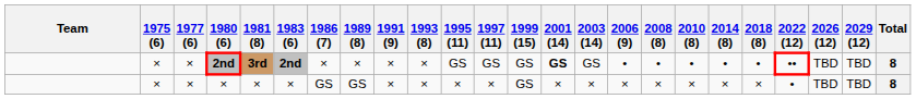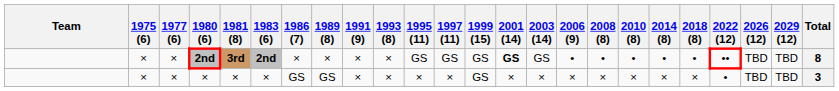 <table class="wikitable" style="text-align:center; font-size:90%">
 <tr>
 <th width=150>Team</th>
 <th><br><a href='#'>1975</a><br>(6)</th>
 <th><br><a href='#'>1977</a><br>(6)</th>
 <th><br><a href='#'>1980</a><br>(6)</th>
 <th><br><a href='#'>1981</a><br>(8)</th>
 <th><br><a href='#'>1983</a><br>(6)</th>
 <th><br><a href='#'>1986</a><br>(7)</th>
 <th><br><a href='#'>1989</a><br>(8)</th>
 <th><br><a href='#'>1991</a><br>(9)</th>
 <th><br><a href='#'>1993</a><br>(8)</th>
 <th><br><a href='#'>1995</a><br>(11)</th>
 <th><br><a href='#'>1997</a><br>(11)</th>
 <th><br><a href='#'>1999</a><br>(15)</th>
 <th><br><a href='#'>2001</a><br>(14)</th>
 <th><br><a href='#'>2003</a><br>(14)</th>
 <th><br><a href='#'>2006</a><br>(9)</th>
 <th><br><a href='#'>2008</a><br>(8)</th>
 <th><br><a href='#'>2010</a><br>(8)</th>
 <th><br><a href='#'>2014</a><br>(8)</th>
 <th><br><a href='#'>2018</a><br>(8)</th>
 <th><br><a href='#'>2022</a><br>(12)</th>
 <th><br><a href='#'>2026</a><br>(12)</th>
 <th><br><a href='#'>2029</a><br>(12)</th>
 <th>Total</th>
 </tr>
 <tr>
 <td align=left></td>
 <td>×</td>
 <td>×</td>
 <td style="border: 3px solid red" bgcolor=Silver><strong>2nd</strong></td>
 <td bgcolor=#cc9966><strong>3rd</strong></td>
 <td bgcolor=Silver><strong>2nd</strong></td>
 <td>×</td>
 <td>×</td>
 <td>×</td>
 <td>×</td>
 <td>GS</td>
 <td>GS</td>
 <td>GS</td>
 <td><strong>GS</strong></td>
 <td>GS</td>
 <td>•</td>
 <td>•</td>
 <td>•</td>
 <td>•</td>
 <td>•</td>
 <td style="border: 3px solid red">••</td>
 <td>TBD</td>
 <td>TBD</td>
 <th>8</th>
 </tr>
 <tr>
 <td align=left></td>
 <td>×</td>
 <td>×</td>
 <td>×</td>
 <td>×</td>
 <td>×</td>
 <td>GS</td>
 <td>GS</td>
 <td>×</td>
 <td>×</td>
 <td>×</td>
 <td>×</td>
 <td>GS</td>
 <td>×</td>
 <td>×</td>
 <td>×</td>
 <td>×</td>
 <td>×</td>
 <td>×</td>
 <td>×</td>
 <td>•</td>
 <td>TBD</td>
 <td>TBD</td>
-<th>8</th>
+<th>3</th>
 </tr>
 </table>
